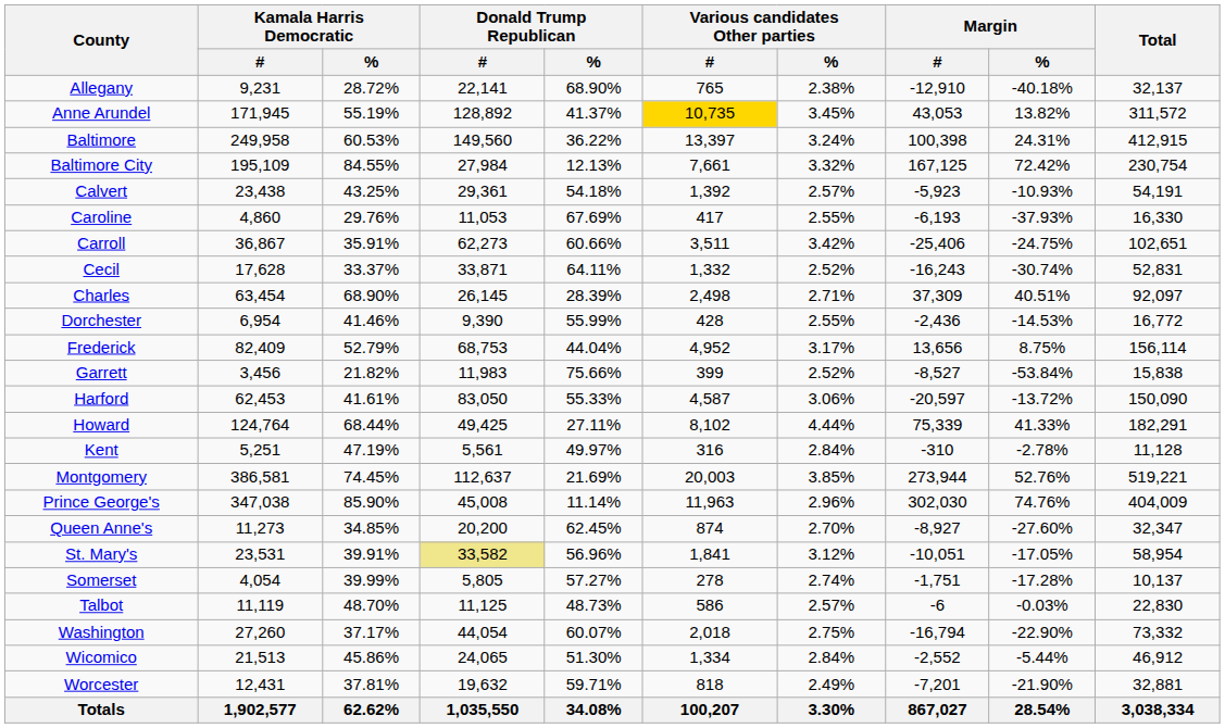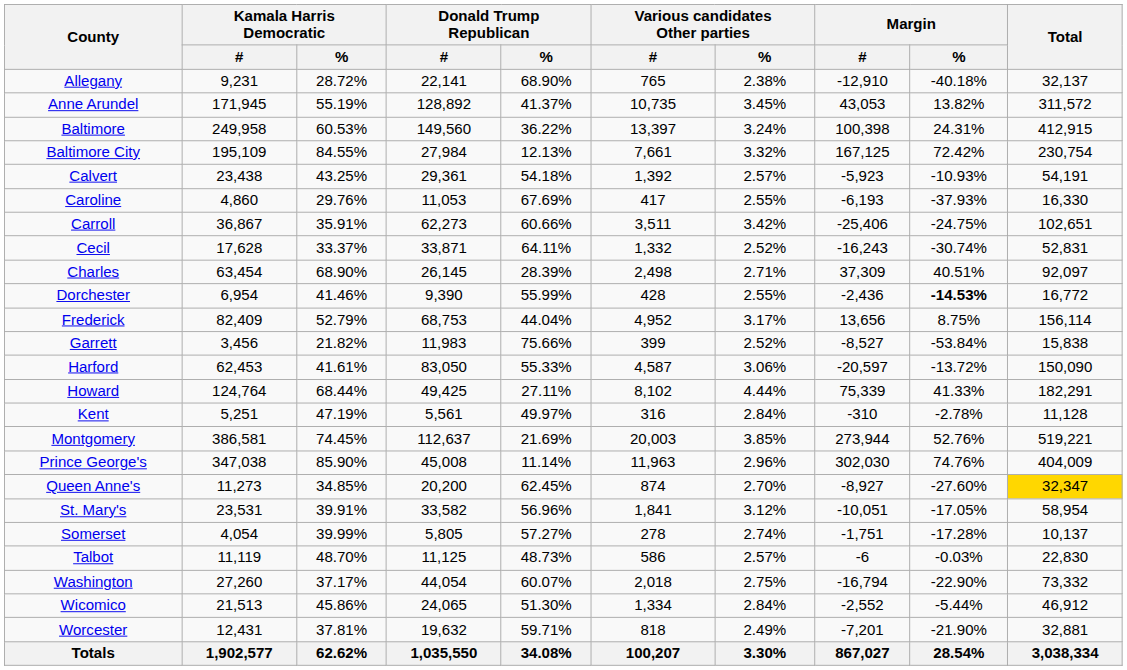 <table width="60%" class="wikitable sortable">
 <tr>
 <th rowspan="2">County</th>
 <th colspan="2">Kamala Harris<br>Democratic</th>
 <th colspan="2">Donald Trump<br>Republican</th>
 <th colspan="2">Various candidates<br>Other parties</th>
 <th colspan="2">Margin</th>
 <th rowspan="2">Total</th>
 </tr>
 <tr>
 <th style="text-align:center;" data-sort-type="number">#</th>
 <th style="text-align:center;" data-sort-type="number">%</th>
 <th style="text-align:center;" data-sort-type="number">#</th>
 <th style="text-align:center;" data-sort-type="number">%</th>
 <th style="text-align:center;" data-sort-type="number">#</th>
 <th style="text-align:center;" data-sort-type="number">%</th>
 <th style="text-align:center;" data-sort-type="number">#</th>
 <th style="text-align:center;" data-sort-type="number">%</th>
 </tr>
 <tr style="text-align:center;">
 <td><a href='#'>Allegany</a></td>
 <td>9,231</td>
 <td>28.72%</td>
 <td>22,141</td>
 <td>68.90%</td>
 <td>765</td>
 <td>2.38%</td>
 <td>-12,910</td>
 <td>-40.18%</td>
 <td>32,137</td>
 </tr>
 <tr style="text-align:center;">
 <td><a href='#'>Anne Arundel</a></td>
 <td>171,945</td>
 <td>55.19%</td>
 <td>128,892</td>
 <td>41.37%</td>
-<td style="background: gold;">10,735</td>
+<td>10,735</td>
 <td>3.45%</td>
 <td>43,053</td>
 <td>13.82%</td>
 <td>311,572</td>
 </tr>
 <tr style="text-align:center;">
 <td><a href='#'>Baltimore</a></td>
 <td>249,958</td>
 <td>60.53%</td>
 <td>149,560</td>
 <td>36.22%</td>
 <td>13,397</td>
 <td>3.24%</td>
 <td>100,398</td>
 <td>24.31%</td>
 <td>412,915</td>
 </tr>
 <tr style="text-align:center;">
 <td><a href='#'>Baltimore City</a></td>
 <td>195,109</td>
 <td>84.55%</td>
 <td>27,984</td>
 <td>12.13%</td>
 <td>7,661</td>
 <td>3.32%</td>
 <td>167,125</td>
 <td>72.42%</td>
 <td>230,754</td>
 </tr>
 <tr style="text-align:center;">
 <td><a href='#'>Calvert</a></td>
 <td>23,438</td>
 <td>43.25%</td>
 <td>29,361</td>
 <td>54.18%</td>
 <td>1,392</td>
 <td>2.57%</td>
 <td>-5,923</td>
 <td>-10.93%</td>
 <td>54,191</td>
 </tr>
 <tr style="text-align:center;">
 <td><a href='#'>Caroline</a></td>
 <td>4,860</td>
 <td>29.76%</td>
 <td>11,053</td>
 <td>67.69%</td>
 <td>417</td>
 <td>2.55%</td>
 <td>-6,193</td>
 <td>-37.93%</td>
 <td>16,330</td>
 </tr>
 <tr style="text-align:center;">
 <td><a href='#'>Carroll</a></td>
 <td>36,867</td>
 <td>35.91%</td>
 <td>62,273</td>
 <td>60.66%</td>
 <td>3,511</td>
 <td>3.42%</td>
 <td>-25,406</td>
 <td>-24.75%</td>
 <td>102,651</td>
 </tr>
 <tr style="text-align:center;">
 <td><a href='#'>Cecil</a></td>
 <td>17,628</td>
 <td>33.37%</td>
 <td>33,871</td>
 <td>64.11%</td>
 <td>1,332</td>
 <td>2.52%</td>
 <td>-16,243</td>
 <td>-30.74%</td>
 <td>52,831</td>
 </tr>
 <tr style="text-align:center;">
 <td><a href='#'>Charles</a></td>
 <td>63,454</td>
 <td>68.90%</td>
 <td>26,145</td>
 <td>28.39%</td>
 <td>2,498</td>
 <td>2.71%</td>
 <td>37,309</td>
 <td>40.51%</td>
 <td>92,097</td>
 </tr>
 <tr style="text-align:center;">
 <td><a href='#'>Dorchester</a></td>
 <td>6,954</td>
 <td>41.46%</td>
 <td>9,390</td>
 <td>55.99%</td>
 <td>428</td>
 <td>2.55%</td>
 <td>-2,436</td>
-<td>-14.53%</td>
+<td><strong>-14.53%</strong></td>
 <td>16,772</td>
 </tr>
 <tr style="text-align:center;">
 <td><a href='#'>Frederick</a></td>
 <td>82,409</td>
 <td>52.79%</td>
 <td>68,753</td>
 <td>44.04%</td>
 <td>4,952</td>
 <td>3.17%</td>
 <td>13,656</td>
 <td>8.75%</td>
 <td>156,114</td>
 </tr>
 <tr style="text-align:center;">
 <td><a href='#'>Garrett</a></td>
 <td>3,456</td>
 <td>21.82%</td>
 <td>11,983</td>
 <td>75.66%</td>
 <td>399</td>
 <td>2.52%</td>
 <td>-8,527</td>
 <td>-53.84%</td>
 <td>15,838</td>
 </tr>
 <tr style="text-align:center;">
 <td><a href='#'>Harford</a></td>
 <td>62,453</td>
 <td>41.61%</td>
 <td>83,050</td>
 <td>55.33%</td>
 <td>4,587</td>
 <td>3.06%</td>
 <td>-20,597</td>
 <td>-13.72%</td>
 <td>150,090</td>
 </tr>
 <tr style="text-align:center;">
 <td><a href='#'>Howard</a></td>
 <td>124,764</td>
 <td>68.44%</td>
 <td>49,425</td>
 <td>27.11%</td>
 <td>8,102</td>
 <td>4.44%</td>
 <td>75,339</td>
 <td>41.33%</td>
 <td>182,291</td>
 </tr>
 <tr style="text-align:center;">
 <td><a href='#'>Kent</a></td>
 <td>5,251</td>
 <td>47.19%</td>
 <td>5,561</td>
 <td>49.97%</td>
 <td>316</td>
 <td>2.84%</td>
 <td>-310</td>
 <td>-2.78%</td>
 <td>11,128</td>
 </tr>
 <tr style="text-align:center;">
 <td><a href='#'>Montgomery</a></td>
 <td>386,581</td>
 <td>74.45%</td>
 <td>112,637</td>
 <td>21.69%</td>
 <td>20,003</td>
 <td>3.85%</td>
 <td>273,944</td>
 <td>52.76%</td>
 <td>519,221</td>
 </tr>
 <tr style="text-align:center;">
 <td><a href='#'>Prince George's</a></td>
 <td>347,038</td>
 <td>85.90%</td>
 <td>45,008</td>
 <td>11.14%</td>
 <td>11,963</td>
 <td>2.96%</td>
 <td>302,030</td>
 <td>74.76%</td>
 <td>404,009</td>
 </tr>
 <tr style="text-align:center;">
 <td><a href='#'>Queen Anne's</a></td>
 <td>11,273</td>
 <td>34.85%</td>
 <td>20,200</td>
 <td>62.45%</td>
 <td>874</td>
 <td>2.70%</td>
 <td>-8,927</td>
 <td>-27.60%</td>
-<td>32,347</td>
+<td style="background: gold;">32,347</td>
 </tr>
 <tr style="text-align:center;">
 <td><a href='#'>St. Mary's</a></td>
 <td>23,531</td>
 <td>39.91%</td>
-<td style="background: khaki;">33,582</td>
+<td>33,582</td>
 <td>56.96%</td>
 <td>1,841</td>
 <td>3.12%</td>
 <td>-10,051</td>
 <td>-17.05%</td>
 <td>58,954</td>
 </tr>
 <tr style="text-align:center;">
 <td><a href='#'>Somerset</a></td>
 <td>4,054</td>
 <td>39.99%</td>
 <td>5,805</td>
 <td>57.27%</td>
 <td>278</td>
 <td>2.74%</td>
 <td>-1,751</td>
 <td>-17.28%</td>
 <td>10,137</td>
 </tr>
 <tr style="text-align:center;">
 <td><a href='#'>Talbot</a></td>
 <td>11,119</td>
 <td>48.70%</td>
 <td>11,125</td>
 <td>48.73%</td>
 <td>586</td>
 <td>2.57%</td>
 <td>-6</td>
 <td>-0.03%</td>
 <td>22,830</td>
 </tr>
 <tr style="text-align:center;">
 <td><a href='#'>Washington</a></td>
 <td>27,260</td>
 <td>37.17%</td>
 <td>44,054</td>
 <td>60.07%</td>
 <td>2,018</td>
 <td>2.75%</td>
 <td>-16,794</td>
 <td>-22.90%</td>
 <td>73,332</td>
 </tr>
 <tr style="text-align:center;">
 <td><a href='#'>Wicomico</a></td>
 <td>21,513</td>
 <td>45.86%</td>
 <td>24,065</td>
 <td>51.30%</td>
 <td>1,334</td>
 <td>2.84%</td>
 <td>-2,552</td>
 <td>-5.44%</td>
 <td>46,912</td>
 </tr>
 <tr style="text-align:center;">
 <td><a href='#'>Worcester</a></td>
 <td>12,431</td>
 <td>37.81%</td>
 <td>19,632</td>
 <td>59.71%</td>
 <td>818</td>
 <td>2.49%</td>
 <td>-7,201</td>
 <td>-21.90%</td>
 <td>32,881</td>
 </tr>
 <tr style="text-align:center;">
 <th>Totals</th>
 <th>1,902,577</th>
 <th>62.62%</th>
 <th>1,035,550</th>
 <th>34.08%</th>
 <th>100,207</th>
 <th>3.30%</th>
 <th>867,027</th>
 <th>28.54%</th>
 <th>3,038,334</th>
 </tr>
 </table>
